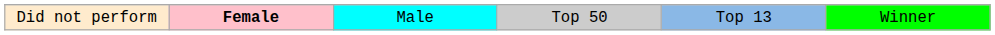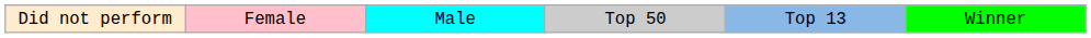 <table class="wikitable" style="margin:1em auto; text-align:center;">
 <tr>
 </tr>
 <tr>
 <td style="background:#ffebcd; width:15%;">Did not perform</td>
-<td style="background:pink; width:15%;"><strong>Female</strong></td>
+<td style="background:pink; width:15%;">Female</td>
 <td style="background:cyan; width:15%;">Male</td>
 <td style="background:#ccc; width:15%;">Top 50</td>
 <td style="background:#8ab8e6; width:15%;">Top 13</td>
 <td style="background:lime; width:15%;">Winner</td>
 </tr>
 </table>
